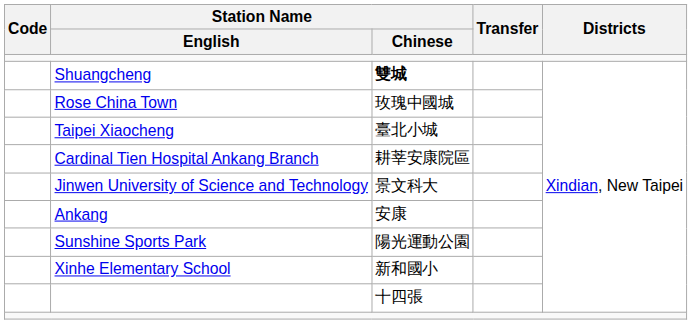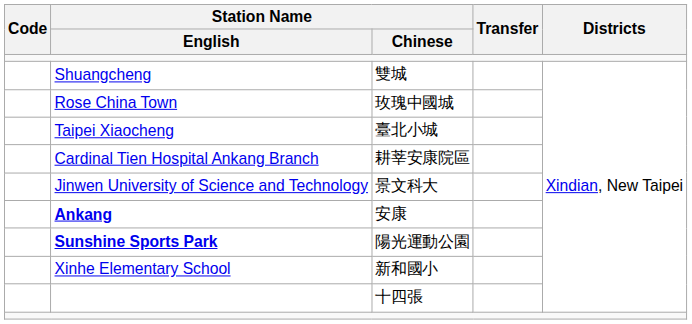 <table class="wikitable">
 <tr>
 <th rowspan="2">Code</th>
 <th colspan="2">Station Name</th>
 <th rowspan="2">Transfer</th>
 <th rowspan="2">Districts</th>
 </tr>
 <tr>
 <th>English</th>
 <th>Chinese</th>
 </tr>
 <tr>
 <td colspan = "5"></td>
 </tr>
 <tr bgcolor = "white">
 <td></td>
 <td><a href='#'>Shuangcheng</a></td>
-<td><strong>雙城</strong></td>
+<td>雙城</td>
 <td></td>
 <td rowspan="9"><a href='#'>Xindian</a>, New Taipei</td>
 </tr>
 <tr bgcolor = "white">
 <td></td>
 <td><a href='#'>Rose China Town</a></td>
 <td>玫瑰中國城</td>
 <td></td>
 </tr>
 <tr bgcolor = "white">
 <td></td>
 <td><a href='#'>Taipei Xiaocheng</a></td>
 <td>臺北小城</td>
 <td></td>
 </tr>
 <tr bgcolor = "white">
 <td></td>
 <td><a href='#'>Cardinal Tien Hospital Ankang Branch</a></td>
 <td>耕莘安康院區</td>
 <td></td>
 </tr>
 <tr bgcolor = "white">
 <td></td>
 <td><a href='#'>Jinwen University of Science and Technology</a></td>
 <td>景文科大</td>
 <td></td>
 </tr>
 <tr bgcolor = "white">
 <td></td>
-<td><a href='#'>Ankang</a></td>
+<td><strong><a href='#'>Ankang</a></strong></td>
 <td>安康</td>
 <td></td>
 </tr>
 <tr bgcolor = "white">
 <td></td>
-<td><a href='#'>Sunshine Sports Park</a></td>
+<td><strong><a href='#'>Sunshine Sports Park</a></strong></td>
 <td>陽光運動公園</td>
 <td></td>
 </tr>
 <tr bgcolor = "white">
 <td></td>
 <td><a href='#'>Xinhe Elementary School</a></td>
 <td>新和國小</td>
 <td></td>
 </tr>
 <tr bgcolor = "white">
 <td></td>
 <td></td>
 <td>十四張</td>
 <td></td>
 </tr>
 <tr>
 <td colspan = "5"></td>
 </tr>
 </table>
